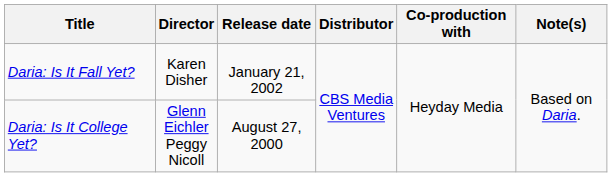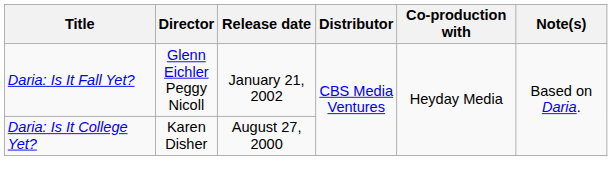 <table class="wikitable plainrowheaders sortable" style="width:75%;text-align:center;">
 <tr>
 <th scope="col" style="width:25%;">Title</th>
 <th scope="col" style="width:10%;">Director</th>
 <th>Release date</th>
 <th scope="col" style="width:10%;">Distributor</th>
 <th>Co-production with</th>
 <th>Note(s)</th>
 </tr>
 <tr>
 <td scope="row" style="text-align:left;"><em><a href='#'>Daria: Is It Fall Yet?</a></em></td>
-<td>Karen Disher</td>
+<td><a href='#'>Glenn Eichler</a><br>Peggy Nicoll</td>
 <td><br>January 21, 2002</td>
 <td rowspan="2"><a href='#'>CBS Media Ventures</a></td>
 <td rowspan="2">Heyday Media</td>
 <td rowspan="2">Based on <em><a href='#'>Daria</a></em>.</td>
 </tr>
 <tr>
 <td scope="row" style="text-align:left;"><em><a href='#'>Daria: Is It College Yet?</a></em></td>
-<td><a href='#'>Glenn Eichler</a><br>Peggy Nicoll</td>
+<td>Karen Disher</td>
 <td>August 27, 2000</td>
 </tr>
 </table>
